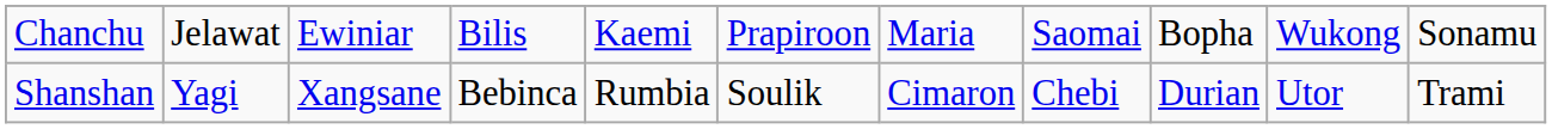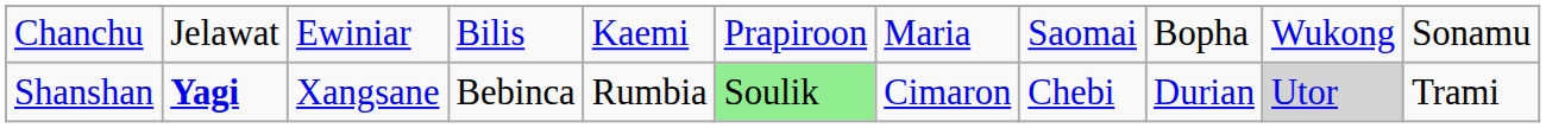 <table class="wikitable">
 <tr>
 <td><a href='#'>Chanchu</a></td>
 <td>Jelawat</td>
 <td><a href='#'>Ewiniar</a></td>
 <td><a href='#'>Bilis</a></td>
 <td><a href='#'>Kaemi</a></td>
 <td><a href='#'>Prapiroon</a></td>
 <td><a href='#'>Maria</a></td>
 <td><a href='#'>Saomai</a></td>
 <td>Bopha</td>
 <td><a href='#'>Wukong</a></td>
 <td>Sonamu</td>
 </tr>
 <tr>
 <td><a href='#'>Shanshan</a></td>
-<td><a href='#'>Yagi</a></td>
+<td><strong><a href='#'>Yagi</a></strong></td>
 <td><a href='#'>Xangsane</a></td>
 <td>Bebinca</td>
 <td>Rumbia</td>
-<td>Soulik</td>
+<td style="background: lightgreen;">Soulik</td>
 <td><a href='#'>Cimaron</a></td>
 <td><a href='#'>Chebi</a></td>
 <td><a href='#'>Durian</a></td>
-<td><a href='#'>Utor</a></td>
+<td style="background: lightgrey;"><a href='#'>Utor</a></td>
 <td>Trami</td>
 </tr>
 </table>
